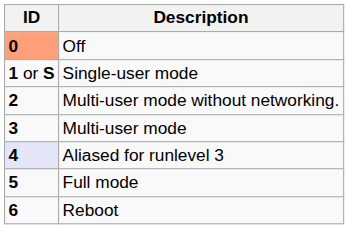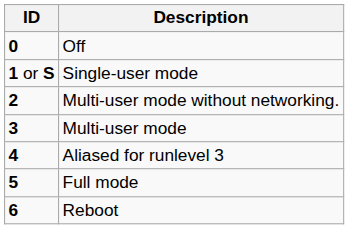 <table class="wikitable">
 <tr>
 <th>ID</th>
 <th>Description</th>
 </tr>
 <tr>
-<td style="background: lightsalmon;"><strong>0</strong></td>
+<td><strong>0</strong></td>
 <td>Off</td>
 </tr>
 <tr>
 <td><strong>1</strong> or<strong> S</strong></td>
 <td>Single-user mode</td>
 </tr>
 <tr>
 <td><strong>2</strong></td>
 <td>Multi-user mode without networking.</td>
 </tr>
 <tr>
 <td><strong>3</strong></td>
 <td>Multi-user mode</td>
 </tr>
 <tr>
-<td style="background: lavender;"><strong>4</strong></td>
+<td><strong>4</strong></td>
 <td>Aliased for runlevel 3</td>
 </tr>
 <tr>
 <td><strong>5</strong></td>
 <td>Full mode</td>
 </tr>
 <tr>
 <td><strong>6</strong></td>
 <td>Reboot</td>
 </tr>
 </table>
